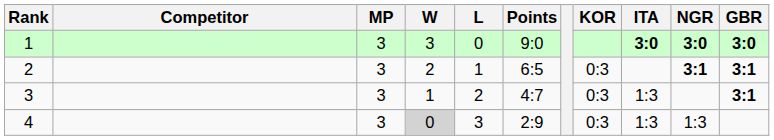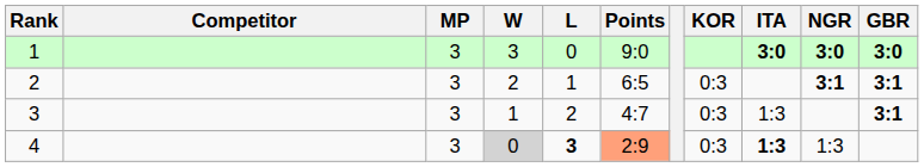 <table class="wikitable" style="text-align:center">
 <tr>
 <th>Rank</th>
 <th style="width:18em">Competitor</th>
 <th style="width:2.5em">MP</th>
 <th style="width:2.5em">W</th>
 <th style="width:2.5em">L</th>
 <th>Points</th>
 <th rowspan="5"> </th>
 <th style="width:2.5em">KOR</th>
 <th style="width:2.5em">ITA</th>
 <th style="width:2.5em">NGR</th>
 <th style="width:2.5em">GBR</th>
 </tr>
 <tr style="background:#cfc;">
 <td>1</td>
 <td style="text-align:left"></td>
 <td>3</td>
 <td>3</td>
 <td>0</td>
 <td>9:0</td>
 <td></td>
 <td><strong>3:0</strong></td>
 <td><strong>3:0</strong></td>
 <td><strong>3:0</strong></td>
 </tr>
 <tr>
 <td>2</td>
 <td style="text-align:left"></td>
 <td>3</td>
 <td>2</td>
 <td>1</td>
 <td>6:5</td>
 <td>0:3</td>
 <td></td>
 <td><strong>3:1</strong></td>
 <td><strong>3:1</strong></td>
 </tr>
 <tr>
 <td>3</td>
 <td style="text-align:left"></td>
 <td>3</td>
 <td>1</td>
 <td>2</td>
 <td>4:7</td>
 <td>0:3</td>
 <td>1:3</td>
 <td></td>
 <td><strong>3:1</strong></td>
 </tr>
 <tr>
 <td>4</td>
 <td style="text-align:left"></td>
 <td>3</td>
 <td style="background: lightgrey;">0</td>
-<td>3</td>
-<td>2:9</td>
+<td><strong>3</strong></td>
+<td style="background: lightsalmon;">2:9</td>
 <td>0:3</td>
-<td>1:3</td>
+<td><strong>1:3</strong></td>
 <td>1:3</td>
 <td></td>
 </tr>
 </table>
